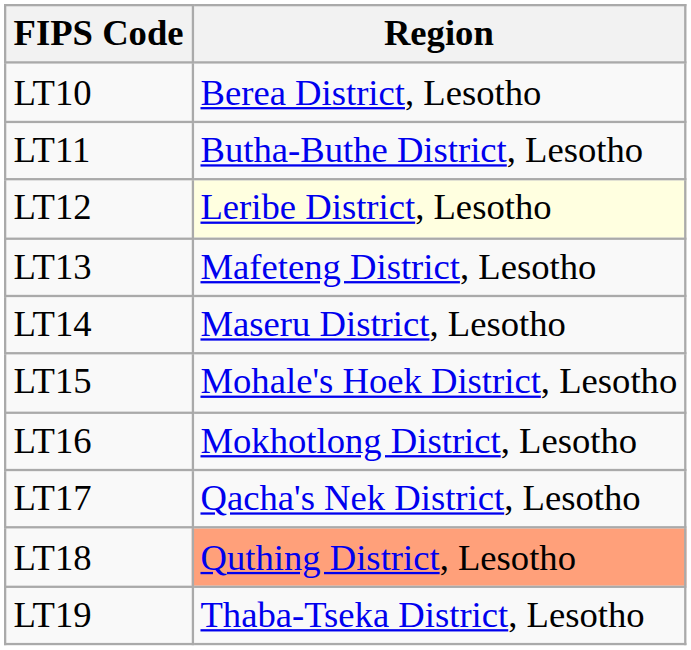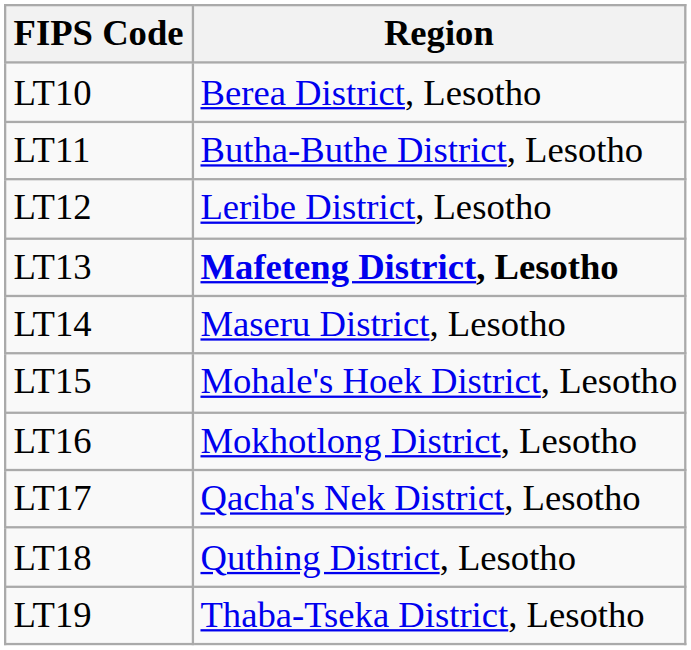 <table class="wikitable">
 <tr>
 <th>FIPS Code</th>
 <th>Region</th>
 </tr>
 <tr>
 <td>LT10</td>
 <td><a href='#'>Berea District</a>, Lesotho</td>
 </tr>
 <tr>
 <td>LT11</td>
 <td><a href='#'>Butha-Buthe District</a>, Lesotho</td>
 </tr>
 <tr>
 <td>LT12</td>
-<td style="background: lightyellow;"><a href='#'>Leribe District</a>, Lesotho</td>
+<td><a href='#'>Leribe District</a>, Lesotho</td>
 </tr>
 <tr>
 <td>LT13</td>
-<td><a href='#'>Mafeteng District</a>, Lesotho</td>
+<td><strong><a href='#'>Mafeteng District</a>, Lesotho</strong></td>
 </tr>
 <tr>
 <td>LT14</td>
 <td><a href='#'>Maseru District</a>, Lesotho</td>
 </tr>
 <tr>
 <td>LT15</td>
 <td><a href='#'>Mohale's Hoek District</a>, Lesotho</td>
 </tr>
 <tr>
 <td>LT16</td>
 <td><a href='#'>Mokhotlong District</a>, Lesotho</td>
 </tr>
 <tr>
 <td>LT17</td>
 <td><a href='#'>Qacha's Nek District</a>, Lesotho</td>
 </tr>
 <tr>
 <td>LT18</td>
-<td style="background: lightsalmon;"><a href='#'>Quthing District</a>, Lesotho</td>
+<td><a href='#'>Quthing District</a>, Lesotho</td>
 </tr>
 <tr>
 <td>LT19</td>
 <td><a href='#'>Thaba-Tseka District</a>, Lesotho</td>
 </tr>
 </table>
